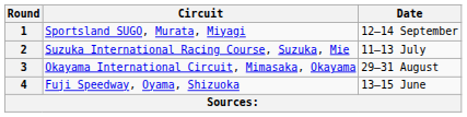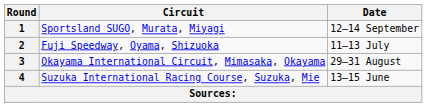 <table class="wikitable" style="font-size: 85%;">
 <tr>
 <th>Round</th>
 <th>Circuit</th>
 <th>Date</th>
 </tr>
 <tr>
 <th>1</th>
 <td> <a href='#'>Sportsland SUGO</a>, <a href='#'>Murata</a>, <a href='#'>Miyagi</a></td>
 <td>12–14 September</td>
 </tr>
 <tr>
 <th>2</th>
-<td> <a href='#'>Suzuka International Racing Course</a>, <a href='#'>Suzuka</a>, <a href='#'>Mie</a></td>
+<td> <a href='#'>Fuji Speedway</a>, <a href='#'>Oyama</a>, <a href='#'>Shizuoka</a></td>
 <td>11–13 July</td>
 </tr>
 <tr>
 <th>3</th>
 <td> <a href='#'>Okayama International Circuit</a>, <a href='#'>Mimasaka</a>, <a href='#'>Okayama</a></td>
 <td>29–31 August</td>
 </tr>
 <tr>
 <th>4</th>
-<td> <a href='#'>Fuji Speedway</a>, <a href='#'>Oyama</a>, <a href='#'>Shizuoka</a></td>
+<td> <a href='#'>Suzuka International Racing Course</a>, <a href='#'>Suzuka</a>, <a href='#'>Mie</a></td>
 <td>13–15 June</td>
 </tr>
 <tr>
 <th colspan="3">Sources:</th>
 </tr>
 </table>
